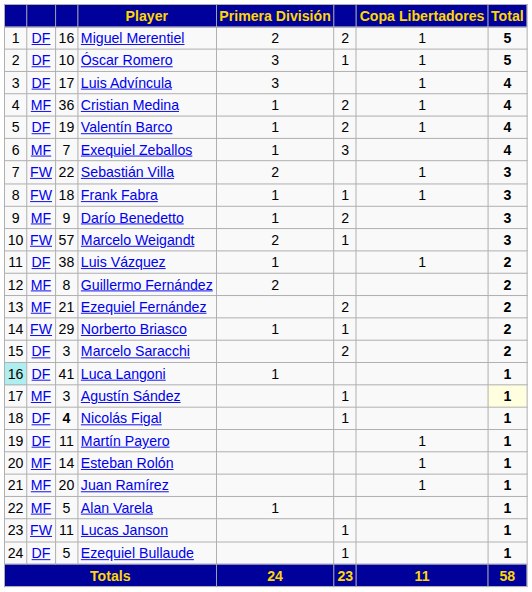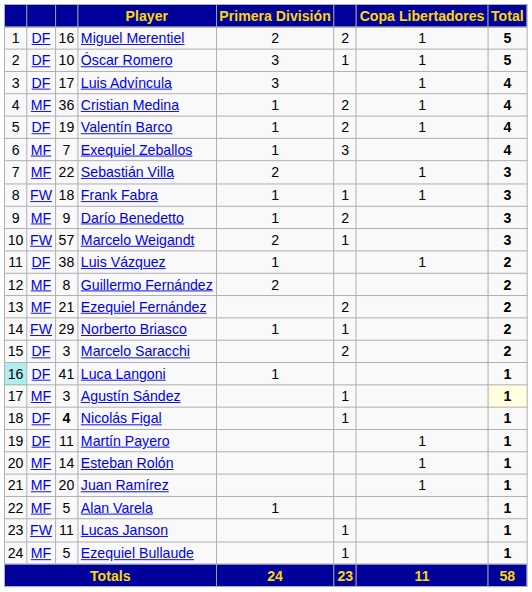 <table class="wikitable sortable" style="font-size: 95%; text-align: center;">
 <tr>
 <th style="background:#00009B; color:gold; width=15"></th>
 <th style="background:#00009B; color:gold; width=15"></th>
 <th style="background:#00009B; color:gold; width=15"></th>
 <th style="background:#00009B; color:gold; width=15 width=150">Player</th>
 <th style="background:#00009B; color:gold; width=15 width=75">Primera División</th>
 <th style="background:#00009B; color:gold; width=15 width=75"></th>
 <th style="background:#00009B; color:gold; width=15 width=75">Copa Libertadores</th>
 <th style="background:#00009B; color:gold; width=15 width=75">Total</th>
 </tr>
 <tr>
 <td>1</td>
 <td><a href='#'>DF</a></td>
 <td>16</td>
 <td align=left> <a href='#'>Miguel Merentiel</a></td>
 <td>2</td>
 <td>2</td>
 <td>1</td>
 <td><strong>5</strong></td>
 </tr>
 <tr>
 <td>2</td>
 <td><a href='#'>DF</a></td>
 <td>10</td>
 <td align=left> <a href='#'>Óscar Romero</a></td>
 <td>3</td>
 <td>1</td>
 <td>1</td>
 <td><strong>5</strong></td>
 </tr>
 <tr>
 <td>3</td>
 <td><a href='#'>DF</a></td>
 <td>17</td>
 <td align=left> <a href='#'>Luis Advíncula</a></td>
 <td>3</td>
 <td></td>
 <td>1</td>
 <td><strong>4</strong></td>
 </tr>
 <tr>
 <td>4</td>
 <td><a href='#'>MF</a></td>
 <td>36</td>
 <td align=left> <a href='#'>Cristian Medina</a></td>
 <td>1</td>
 <td>2</td>
 <td>1</td>
 <td><strong>4</strong></td>
 </tr>
 <tr>
 <td>5</td>
 <td><a href='#'>DF</a></td>
 <td>19</td>
 <td align=left> <a href='#'>Valentín Barco</a></td>
 <td>1</td>
 <td>2</td>
 <td>1</td>
 <td><strong>4</strong></td>
 </tr>
 <tr>
 <td>6</td>
 <td><a href='#'>MF</a></td>
 <td>7</td>
 <td align=left> <a href='#'>Exequiel Zeballos</a></td>
 <td>1</td>
 <td>3</td>
 <td></td>
 <td><strong>4</strong></td>
 </tr>
 <tr>
 <td>7</td>
-<td><a href='#'>FW</a></td>
+<td><a href='#'>MF</a></td>
 <td>22</td>
 <td align=left> <a href='#'>Sebastián Villa</a></td>
 <td>2</td>
 <td></td>
 <td>1</td>
 <td><strong>3</strong></td>
 </tr>
 <tr>
 <td>8</td>
 <td><a href='#'>FW</a></td>
 <td>18</td>
 <td align=left> <a href='#'>Frank Fabra</a></td>
 <td>1</td>
 <td>1</td>
 <td>1</td>
 <td><strong>3</strong></td>
 </tr>
 <tr>
 <td>9</td>
 <td><a href='#'>MF</a></td>
 <td>9</td>
 <td align=left> <a href='#'>Darío Benedetto</a></td>
 <td>1</td>
 <td>2</td>
 <td></td>
 <td><strong>3</strong></td>
 </tr>
 <tr>
 <td>10</td>
 <td><a href='#'>FW</a></td>
 <td>57</td>
 <td align=left> <a href='#'>Marcelo Weigandt</a></td>
 <td>2</td>
 <td>1</td>
 <td></td>
 <td><strong>3</strong></td>
 </tr>
 <tr>
 <td>11</td>
 <td><a href='#'>DF</a></td>
 <td>38</td>
 <td align=left> <a href='#'>Luis Vázquez</a></td>
 <td>1</td>
 <td></td>
 <td>1</td>
 <td><strong>2</strong></td>
 </tr>
 <tr>
 <td>12</td>
 <td><a href='#'>MF</a></td>
 <td>8</td>
 <td align=left> <a href='#'>Guillermo Fernández</a></td>
 <td>2</td>
 <td></td>
 <td></td>
 <td><strong>2</strong></td>
 </tr>
 <tr>
 <td>13</td>
 <td><a href='#'>MF</a></td>
 <td>21</td>
 <td align=left> <a href='#'>Ezequiel Fernández</a></td>
 <td></td>
 <td>2</td>
 <td></td>
 <td><strong>2</strong></td>
 </tr>
 <tr>
 <td>14</td>
 <td><a href='#'>FW</a></td>
 <td>29</td>
 <td align=left> <a href='#'>Norberto Briasco</a></td>
 <td>1</td>
 <td>1</td>
 <td></td>
 <td><strong>2</strong></td>
 </tr>
 <tr>
 <td>15</td>
 <td><a href='#'>DF</a></td>
 <td>3</td>
 <td align=left> <a href='#'>Marcelo Saracchi</a></td>
 <td></td>
 <td>2</td>
 <td></td>
 <td><strong>2</strong></td>
 </tr>
 <tr>
 <td style="background: paleturquoise;">16</td>
 <td><a href='#'>DF</a></td>
 <td>41</td>
 <td align=left> <a href='#'>Luca Langoni</a></td>
 <td>1</td>
 <td></td>
 <td></td>
 <td><strong>1</strong></td>
 </tr>
 <tr>
 <td>17</td>
 <td><a href='#'>MF</a></td>
 <td>3</td>
 <td align=left> <a href='#'>Agustín Sández</a></td>
 <td></td>
 <td>1</td>
 <td></td>
 <td style="background: lightyellow;"><strong>1</strong></td>
 </tr>
 <tr>
 <td>18</td>
 <td><a href='#'>DF</a></td>
 <td><strong>4</strong></td>
 <td align=left> <a href='#'>Nicolás Figal</a></td>
 <td></td>
 <td>1</td>
 <td></td>
 <td><strong>1</strong></td>
 </tr>
 <tr>
 <td>19</td>
 <td><a href='#'>DF</a></td>
 <td>11</td>
 <td align=left> <a href='#'>Martín Payero</a></td>
 <td></td>
 <td></td>
 <td>1</td>
 <td><strong>1</strong></td>
 </tr>
 <tr>
 <td>20</td>
 <td><a href='#'>MF</a></td>
 <td>14</td>
 <td align=left> <a href='#'>Esteban Rolón</a></td>
 <td></td>
 <td></td>
 <td>1</td>
 <td><strong>1</strong></td>
 </tr>
 <tr>
 <td>21</td>
 <td><a href='#'>MF</a></td>
 <td>20</td>
 <td align=left> <a href='#'>Juan Ramírez</a></td>
 <td></td>
 <td></td>
 <td>1</td>
 <td><strong>1</strong></td>
 </tr>
 <tr>
 <td>22</td>
 <td><a href='#'>MF</a></td>
 <td>5</td>
 <td align=left> <a href='#'>Alan Varela</a></td>
 <td>1</td>
 <td></td>
 <td></td>
 <td><strong>1</strong></td>
 </tr>
 <tr>
 <td>23</td>
 <td><a href='#'>FW</a></td>
 <td>11</td>
 <td align=left> <a href='#'>Lucas Janson</a></td>
 <td></td>
 <td>1</td>
 <td></td>
 <td><strong>1</strong></td>
 </tr>
 <tr>
 <td>24</td>
-<td><a href='#'>DF</a></td>
+<td><a href='#'>MF</a></td>
 <td>5</td>
 <td align=left> <a href='#'>Ezequiel Bullaude</a></td>
 <td></td>
 <td>1</td>
 <td></td>
 <td><strong>1</strong></td>
 </tr>
 <tr align=center>
 <th style="background:#00009B; color:gold"; colspan=4><strong>Totals</strong></th>
 <th style="background:#00009B; color:gold";><strong>24</strong></th>
 <th style="background:#00009B; color:gold";><strong>23</strong></th>
 <th style="background:#00009B; color:gold";><strong>11</strong></th>
 <th style="background:#00009B; color:gold";><strong>58</strong></th>
 </tr>
 </table>
